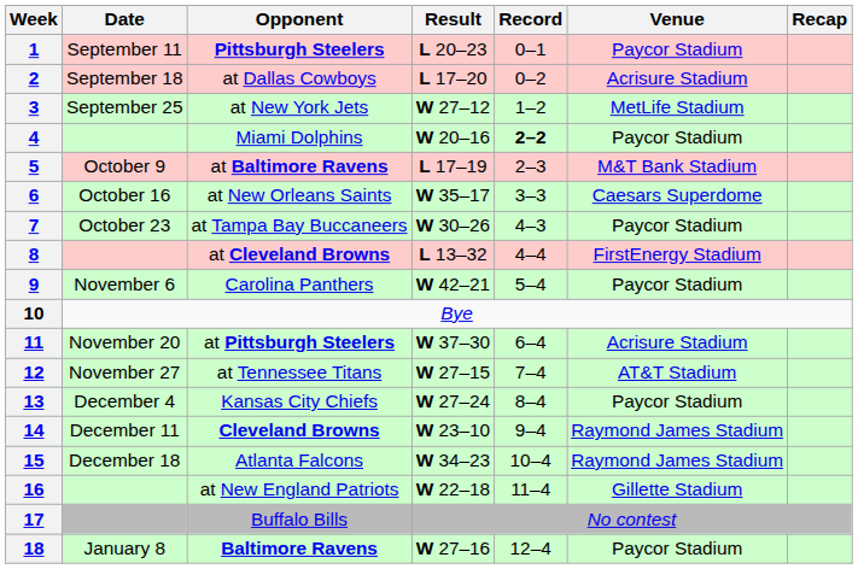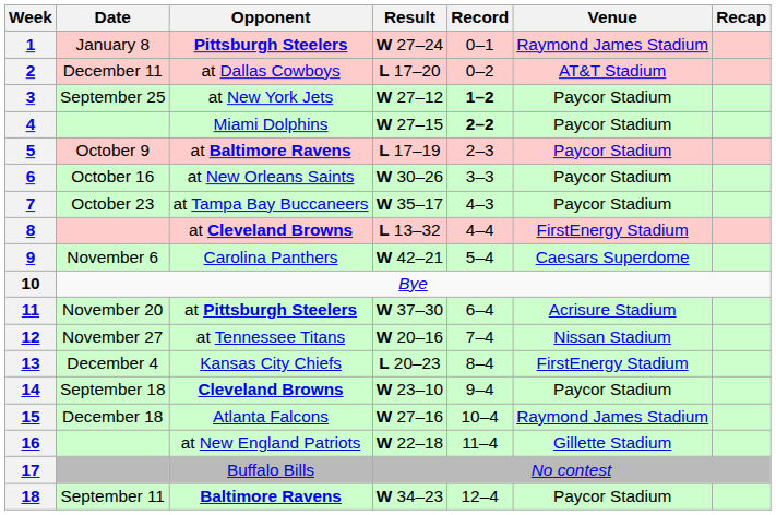 <table class="wikitable" style="text-align:center">
 <tr>
 <th>Week</th>
 <th>Date</th>
 <th>Opponent</th>
 <th>Result</th>
 <th>Record</th>
 <th>Venue</th>
 <th>Recap</th>
 </tr>
 <tr style="background:#fcc">
 <th><a href='#'>1</a></th>
-<td>September 11</td>
+<td>January 8</td>
 <td><strong><a href='#'>Pittsburgh Steelers</a></strong></td>
-<td><strong>L</strong> 20–23 </td>
+<td><strong>W</strong> 27–24</td>
 <td>0–1</td>
-<td><a href='#'>Paycor Stadium</a></td>
+<td><a href='#'>Raymond James Stadium</a></td>
 <td></td>
 </tr>
 <tr style="background:#fcc">
 <th><a href='#'>2</a></th>
-<td>September 18</td>
+<td>December 11</td>
 <td>at <a href='#'>Dallas Cowboys</a></td>
 <td><strong>L</strong> 17–20</td>
 <td>0–2</td>
-<td><a href='#'>Acrisure Stadium</a></td>
+<td><a href='#'>AT&T Stadium</a></td>
 <td></td>
 </tr>
 <tr style="background:#cfc">
 <th><a href='#'>3</a></th>
 <td>September 25</td>
 <td>at <a href='#'>New York Jets</a></td>
 <td><strong>W</strong> 27–12</td>
-<td>1–2</td>
-<td><a href='#'>MetLife Stadium</a></td>
+<td><strong>1–2</strong></td>
+<td>Paycor Stadium</td>
 <td></td>
 </tr>
 <tr style="background:#cfc">
 <th><a href='#'>4</a></th>
 <td></td>
 <td><a href='#'>Miami Dolphins</a></td>
-<td><strong>W</strong> 20–16</td>
+<td><strong>W</strong> 27–15</td>
 <td><strong>2–2</strong></td>
 <td>Paycor Stadium</td>
 <td></td>
 </tr>
 <tr style="background:#fcc">
 <th><a href='#'>5</a></th>
 <td>October 9</td>
 <td>at <strong><a href='#'>Baltimore Ravens</a></strong></td>
 <td><strong>L</strong> 17–19</td>
 <td>2–3</td>
-<td><a href='#'>M&T Bank Stadium</a></td>
+<td><a href='#'>Paycor Stadium</a></td>
 <td></td>
 </tr>
 <tr style="background:#cfc">
 <th><a href='#'>6</a></th>
 <td>October 16</td>
 <td>at <a href='#'>New Orleans Saints</a></td>
-<td><strong>W</strong> 35–17</td>
+<td><strong>W</strong> 30–26</td>
 <td>3–3</td>
-<td><a href='#'>Caesars Superdome</a></td>
+<td>Paycor Stadium</td>
 <td></td>
 </tr>
 <tr style="background:#cfc">
 <th><a href='#'>7</a></th>
 <td>October 23</td>
 <td>at <a href='#'>Tampa Bay Buccaneers</a></td>
-<td><strong>W</strong> 30–26</td>
+<td><strong>W</strong> 35–17</td>
 <td>4–3</td>
 <td>Paycor Stadium</td>
 <td></td>
 </tr>
 <tr style="background:#fcc">
 <th><a href='#'>8</a></th>
 <td></td>
 <td>at <strong><a href='#'>Cleveland Browns</a></strong></td>
 <td><strong>L</strong> 13–32</td>
 <td>4–4</td>
 <td><a href='#'>FirstEnergy Stadium</a></td>
 <td></td>
 </tr>
 <tr style="background:#cfc">
 <th><a href='#'>9</a></th>
 <td>November 6</td>
 <td><a href='#'>Carolina Panthers</a></td>
 <td><strong>W</strong> 42–21</td>
 <td>5–4</td>
-<td>Paycor Stadium</td>
+<td><a href='#'>Caesars Superdome</a></td>
 <td></td>
 </tr>
 <tr>
 <th>10</th>
 <td colspan="6"><em><a href='#'>Bye</a></em></td>
 </tr>
 <tr style="background:#cfc">
 <th><a href='#'>11</a></th>
 <td>November 20</td>
 <td>at <strong><a href='#'>Pittsburgh Steelers</a></strong></td>
 <td><strong>W</strong> 37–30</td>
 <td>6–4</td>
 <td><a href='#'>Acrisure Stadium</a></td>
 <td></td>
 </tr>
 <tr style="background:#cfc">
 <th><a href='#'>12</a></th>
 <td>November 27</td>
 <td>at <a href='#'>Tennessee Titans</a></td>
-<td><strong>W</strong> 27–15</td>
+<td><strong>W</strong> 20–16</td>
 <td>7–4</td>
-<td><a href='#'>AT&T Stadium</a></td>
+<td><a href='#'>Nissan Stadium</a></td>
 <td></td>
 </tr>
 <tr style="background:#cfc">
 <th><a href='#'>13</a></th>
 <td>December 4</td>
 <td><a href='#'>Kansas City Chiefs</a></td>
-<td><strong>W</strong> 27–24</td>
+<td><strong>L</strong> 20–23 </td>
 <td>8–4</td>
-<td>Paycor Stadium</td>
+<td><a href='#'>FirstEnergy Stadium</a></td>
 <td></td>
 </tr>
 <tr style="background:#cfc">
 <th><a href='#'>14</a></th>
-<td>December 11</td>
+<td>September 18</td>
 <td><strong><a href='#'>Cleveland Browns</a></strong></td>
 <td><strong>W</strong> 23–10</td>
 <td>9–4</td>
-<td><a href='#'>Raymond James Stadium</a></td>
+<td>Paycor Stadium</td>
 <td></td>
 </tr>
 <tr style="background:#cfc">
 <th><a href='#'>15</a></th>
 <td>December 18</td>
 <td><a href='#'>Atlanta Falcons</a></td>
-<td><strong>W</strong> 34–23</td>
+<td><strong>W</strong> 27–16</td>
 <td>10–4</td>
 <td><a href='#'>Raymond James Stadium</a></td>
 <td></td>
 </tr>
 <tr style="background:#cfc">
 <th><a href='#'>16</a></th>
 <td></td>
 <td>at <a href='#'>New England Patriots</a></td>
 <td><strong>W</strong> 22–18</td>
 <td>11–4</td>
 <td><a href='#'>Gillette Stadium</a></td>
 <td></td>
 </tr>
 <tr style="background:#bababa">
 <th><a href='#'>17</a></th>
 <td></td>
 <td><a href='#'>Buffalo Bills</a></td>
 <td colspan="4"><em><a href='#'>No contest</a></em></td>
 </tr>
 <tr style="background:#cfc">
 <th><a href='#'>18</a></th>
-<td>January 8</td>
+<td>September 11</td>
 <td><strong><a href='#'>Baltimore Ravens</a></strong></td>
-<td><strong>W</strong> 27–16</td>
+<td><strong>W</strong> 34–23</td>
 <td>12–4</td>
 <td>Paycor Stadium</td>
 <td></td>
 </tr>
 </table>
